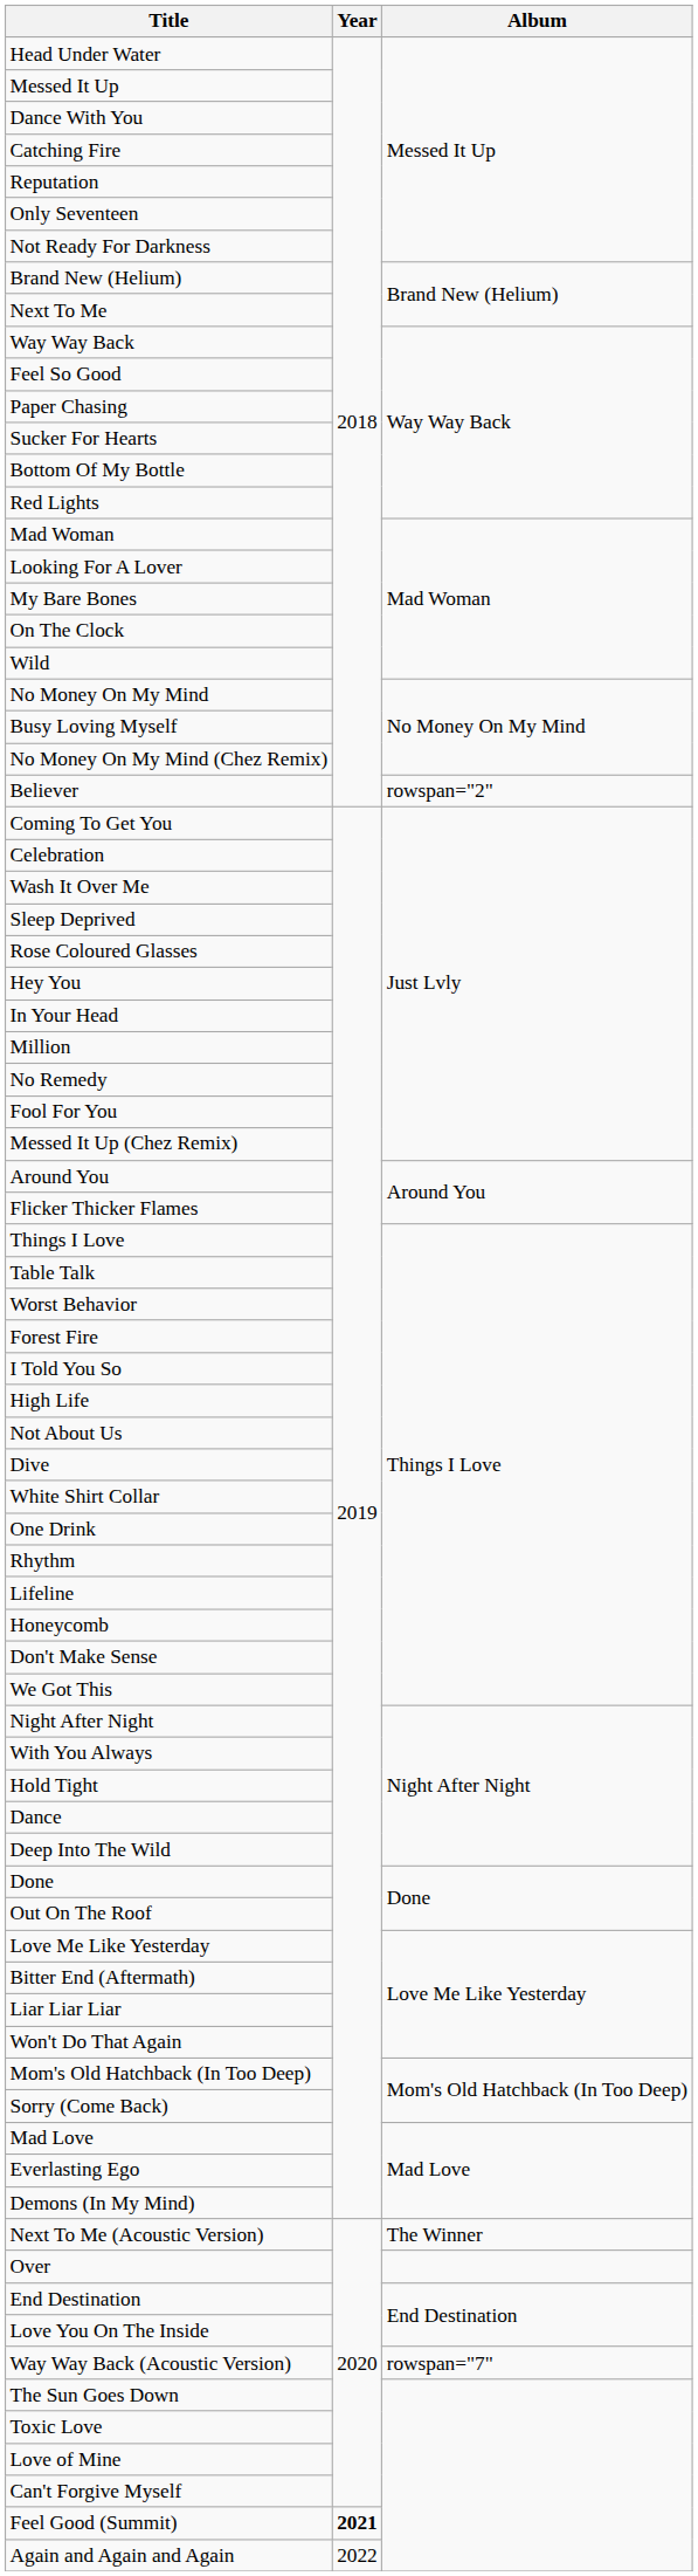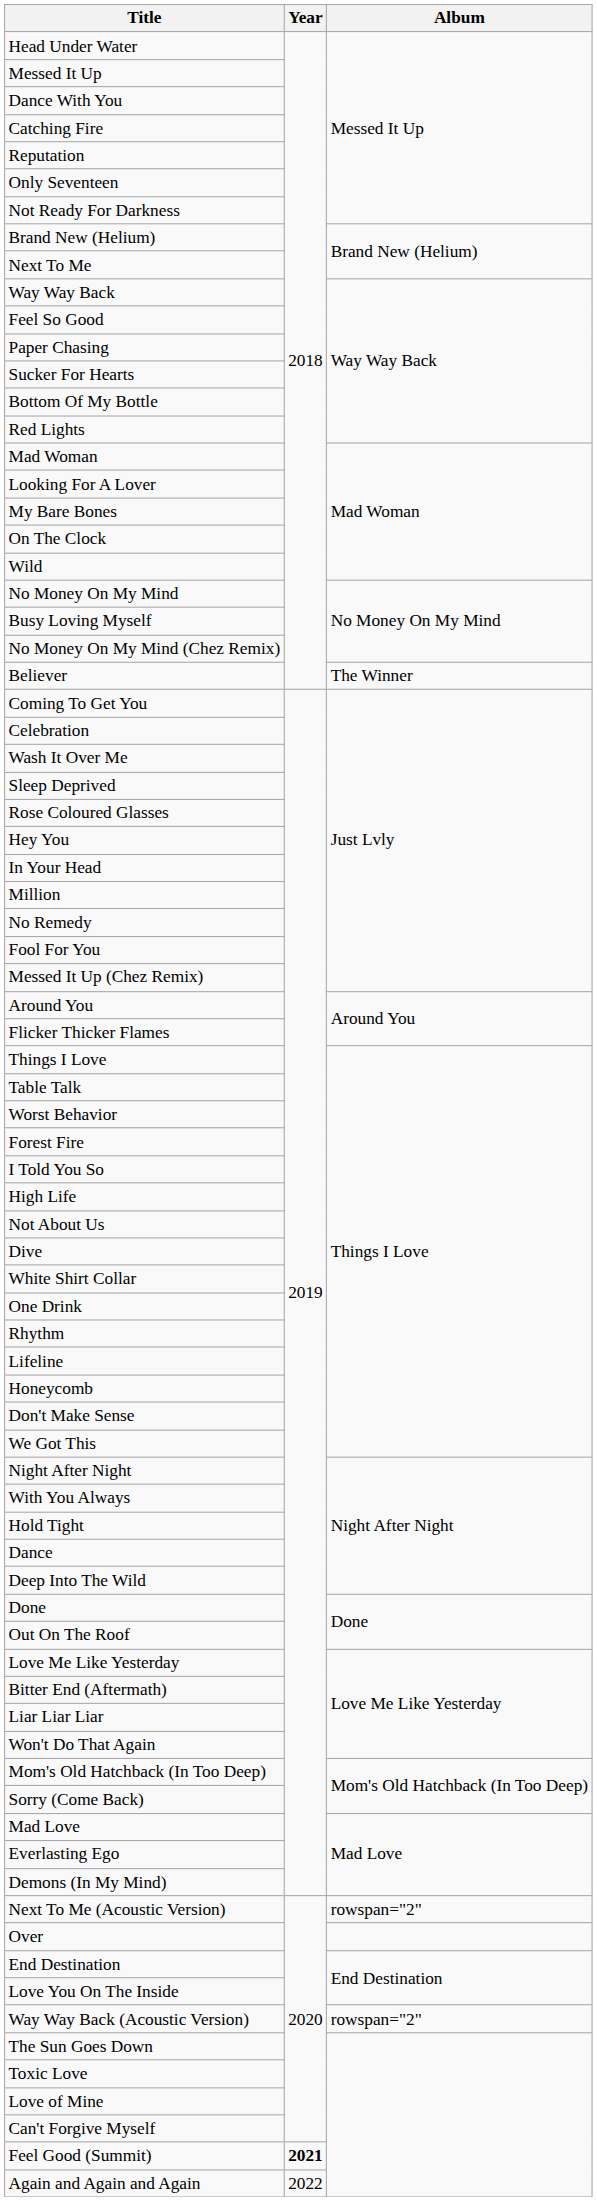 <table class="wikitable">
 <tr>
 <th>Title</th>
 <th>Year</th>
 <th>Album</th>
 </tr>
 <tr>
 <td>Head Under Water</td>
 <td rowspan="24">2018</td>
 <td rowspan="7">Messed It Up</td>
 </tr>
 <tr>
 <td>Messed It Up</td>
 </tr>
 <tr>
 <td>Dance With You</td>
 </tr>
 <tr>
 <td>Catching Fire</td>
 </tr>
 <tr>
 <td>Reputation</td>
 </tr>
 <tr>
 <td>Only Seventeen</td>
 </tr>
 <tr>
 <td>Not Ready For Darkness</td>
 </tr>
 <tr>
 <td>Brand New (Helium)</td>
 <td rowspan="2">Brand New (Helium)</td>
 </tr>
 <tr>
 <td>Next To Me</td>
 </tr>
 <tr>
 <td>Way Way Back</td>
 <td rowspan="6">Way Way Back</td>
 </tr>
 <tr>
 <td>Feel So Good</td>
 </tr>
 <tr>
 <td>Paper Chasing</td>
 </tr>
 <tr>
 <td>Sucker For Hearts</td>
 </tr>
 <tr>
 <td>Bottom Of My Bottle</td>
 </tr>
 <tr>
 <td>Red Lights</td>
 </tr>
 <tr>
 <td>Mad Woman</td>
 <td rowspan="5">Mad Woman</td>
 </tr>
 <tr>
 <td>Looking For A Lover</td>
 </tr>
 <tr>
 <td>My Bare Bones</td>
 </tr>
 <tr>
 <td>On The Clock</td>
 </tr>
 <tr>
 <td>Wild</td>
 </tr>
 <tr>
 <td>No Money On My Mind</td>
 <td rowspan="3">No Money On My Mind</td>
 </tr>
 <tr>
 <td>Busy Loving Myself</td>
 </tr>
 <tr>
 <td>No Money On My Mind (Chez Remix)</td>
 </tr>
 <tr>
 <td>Believer<br></td>
-<td>rowspan="2" </td>
+<td>The Winner</td>
 </tr>
 <tr>
 <td>Coming To Get You</td>
 <td rowspan="44">2019</td>
 <td rowspan="11">Just Lvly</td>
 </tr>
 <tr>
 <td>Celebration</td>
 </tr>
 <tr>
 <td>Wash It Over Me</td>
 </tr>
 <tr>
 <td>Sleep Deprived</td>
 </tr>
 <tr>
 <td>Rose Coloured Glasses</td>
 </tr>
 <tr>
 <td>Hey You</td>
 </tr>
 <tr>
 <td>In Your Head</td>
 </tr>
 <tr>
 <td>Million</td>
 </tr>
 <tr>
 <td>No Remedy</td>
 </tr>
 <tr>
 <td>Fool For You</td>
 </tr>
 <tr>
 <td>Messed It Up (Chez Remix)</td>
 </tr>
 <tr>
 <td>Around You</td>
 <td rowspan="2">Around You</td>
 </tr>
 <tr>
 <td>Flicker Thicker Flames</td>
 </tr>
 <tr>
 <td>Things I Love</td>
 <td rowspan="15">Things I Love</td>
 </tr>
 <tr>
 <td>Table Talk</td>
 </tr>
 <tr>
 <td>Worst Behavior</td>
 </tr>
 <tr>
 <td>Forest Fire</td>
 </tr>
 <tr>
 <td>I Told You So</td>
 </tr>
 <tr>
 <td>High Life</td>
 </tr>
 <tr>
 <td>Not About Us</td>
 </tr>
 <tr>
 <td>Dive</td>
 </tr>
 <tr>
 <td>White Shirt Collar</td>
 </tr>
 <tr>
 <td>One Drink</td>
 </tr>
 <tr>
 <td>Rhythm</td>
 </tr>
 <tr>
 <td>Lifeline</td>
 </tr>
 <tr>
 <td>Honeycomb</td>
 </tr>
 <tr>
 <td>Don't Make Sense</td>
 </tr>
 <tr>
 <td>We Got This</td>
 </tr>
 <tr>
 <td>Night After Night</td>
 <td rowspan="5">Night After Night</td>
 </tr>
 <tr>
 <td>With You Always</td>
 </tr>
 <tr>
 <td>Hold Tight</td>
 </tr>
 <tr>
 <td>Dance</td>
 </tr>
 <tr>
 <td>Deep Into The Wild</td>
 </tr>
 <tr>
 <td>Done</td>
 <td rowspan="2">Done</td>
 </tr>
 <tr>
 <td>Out On The Roof</td>
 </tr>
 <tr>
 <td>Love Me Like Yesterday</td>
 <td rowspan="4">Love Me Like Yesterday</td>
 </tr>
 <tr>
 <td>Bitter End (Aftermath)</td>
 </tr>
 <tr>
 <td>Liar Liar Liar</td>
 </tr>
 <tr>
 <td>Won't Do That Again</td>
 </tr>
 <tr>
 <td>Mom's Old Hatchback (In Too Deep)</td>
 <td rowspan="2">Mom's Old Hatchback (In Too Deep)</td>
 </tr>
 <tr>
 <td>Sorry (Come Back)</td>
 </tr>
 <tr>
 <td>Mad Love</td>
 <td rowspan="3">Mad Love</td>
 </tr>
 <tr>
 <td>Everlasting Ego</td>
 </tr>
 <tr>
 <td>Demons (In My Mind)</td>
 </tr>
 <tr>
 <td>Next To Me (Acoustic Version)</td>
 <td rowspan="9">2020</td>
-<td>The Winner</td>
+<td>rowspan="2" </td>
 </tr>
 <tr>
 <td>Over</td>
 </tr>
 <tr>
 <td>End Destination</td>
 <td rowspan="2">End Destination</td>
 </tr>
 <tr>
 <td>Love You On The Inside</td>
 </tr>
 <tr>
 <td>Way Way Back (Acoustic Version)</td>
-<td>rowspan="7" </td>
+<td>rowspan="2" </td>
 </tr>
 <tr>
 <td>The Sun Goes Down<br></td>
 </tr>
 <tr>
 <td>Toxic Love</td>
 </tr>
 <tr>
 <td>Love of Mine</td>
 </tr>
 <tr>
 <td>Can't Forgive Myself</td>
 </tr>
 <tr>
 <td>Feel Good (Summit)<br></td>
 <td><strong>2021</strong></td>
 </tr>
 <tr>
 <td>Again and Again and Again</td>
 <td>2022</td>
 </tr>
 </table>
